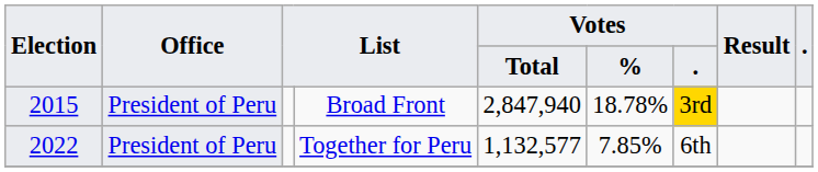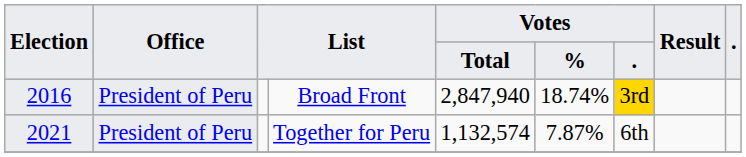 <table class="wikitable" style="font-size:90%; text-align:center;">
 <tr>
 <th style="background-color:#EAECF0;" rowspan=2>Election</th>
 <th style="background-color:#EAECF0;" rowspan=2>Office</th>
 <th style="background-color:#EAECF0;" colspan=2 rowspan=2>List</th>
 <th style="background-color:#EAECF0;" colspan=3>Votes</th>
 <th style="background-color:#EAECF0;" rowspan=2>Result</th>
 <th style="background-color:#EAECF0;" rowspan=2>.</th>
 </tr>
 <tr>
 <th style="background-color:#EAECF0;">Total</th>
 <th style="background-color:#EAECF0;">%</th>
 <th style="background-color:#EAECF0;">.</th>
 </tr>
 <tr>
-<td style="background-color:#EAECF0;"><a href='#'>2015</a></td>
+<td style="background-color:#EAECF0;"><a href='#'>2016</a></td>
 <td style="background-color:#EAECF0;”"><a href='#'>President of Peru</a></td>
 <td style="background-color:"></td>
 <td><a href='#'>Broad Front</a></td>
 <td>2,847,940</td>
-<td>18.78%</td>
+<td>18.74%</td>
 <td style="background: gold;">3rd</td>
 <td></td>
 <td></td>
 </tr>
 <tr>
-<td style="background-color:#EAECF0;"><a href='#'>2022</a></td>
+<td style="background-color:#EAECF0;"><a href='#'>2021</a></td>
 <td style="background-color:#EAECF0;”"><a href='#'>President of Peru</a></td>
 <td style="background-color:"></td>
 <td><a href='#'>Together for Peru</a></td>
-<td>1,132,577</td>
-<td>7.85%</td>
+<td>1,132,574</td>
+<td>7.87%</td>
 <td>6th</td>
 <td></td>
 <td></td>
 </tr>
 <tr>
 </tr>
 </table>
